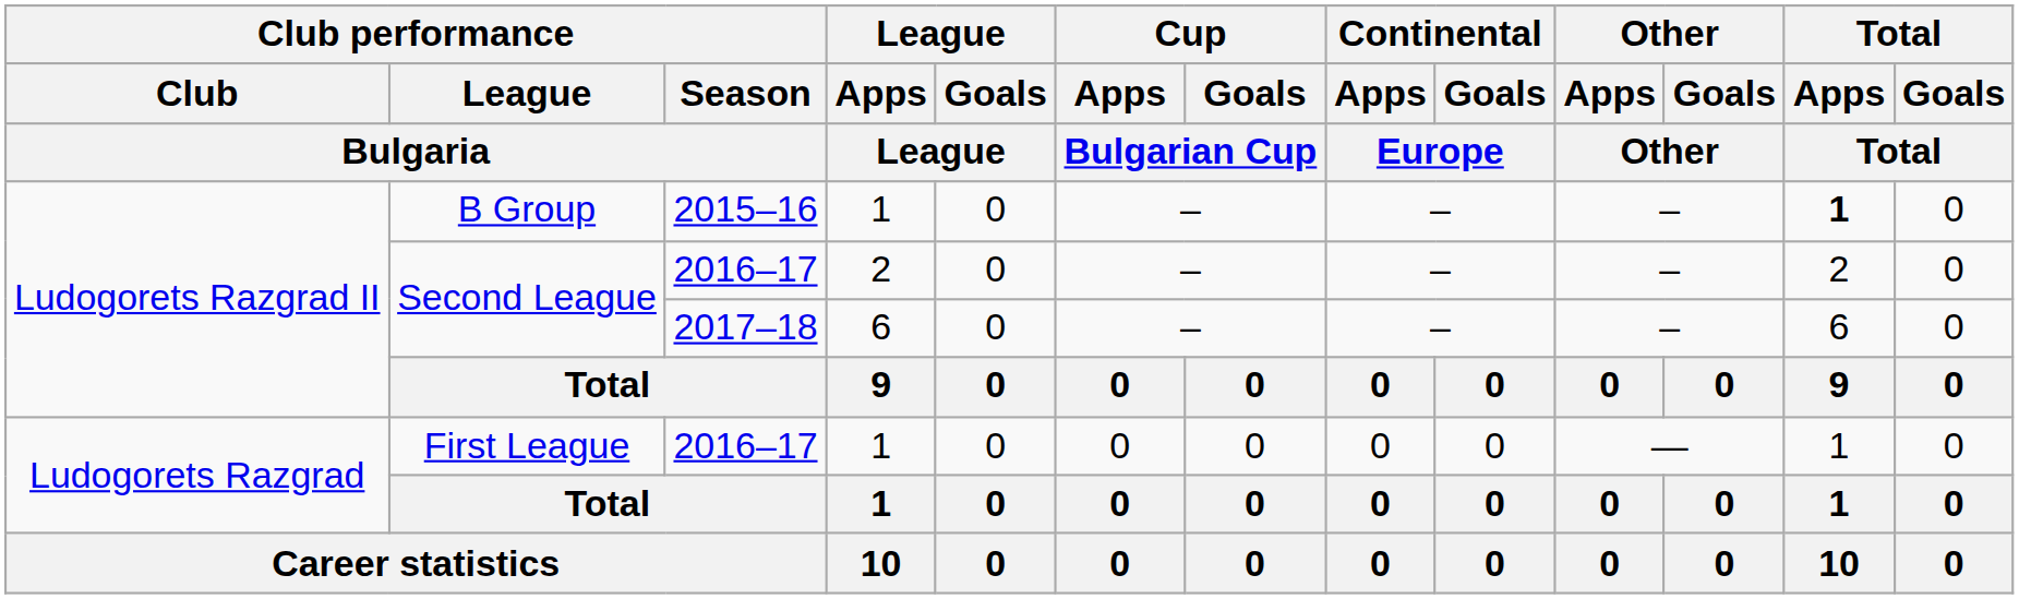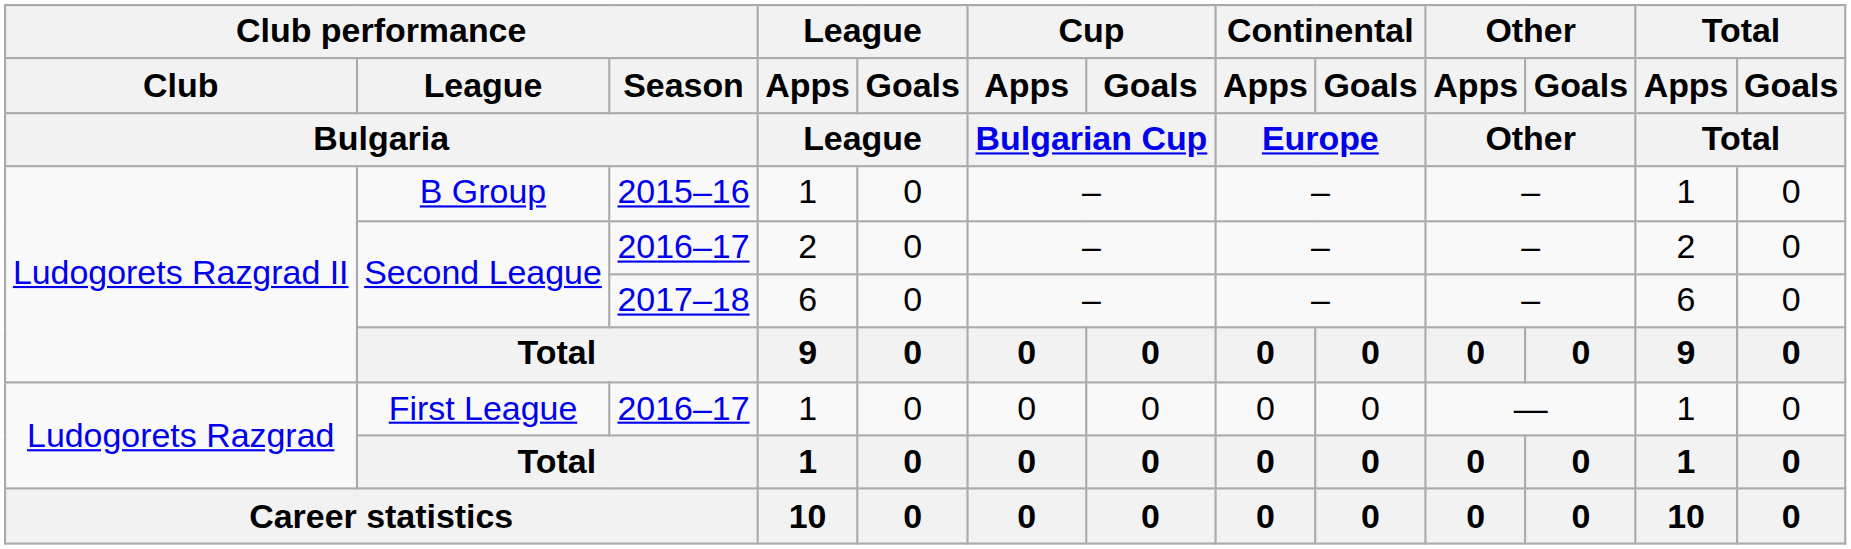 <table class="wikitable" style="text-align: center">
 <tr>
 <th Colspan="3">Club performance</th>
 <th Colspan="2">League</th>
 <th Colspan="2">Cup</th>
 <th Colspan="2">Continental</th>
 <th Colspan="2">Other</th>
 <th Colspan="3">Total</th>
 </tr>
 <tr>
 <th>Club</th>
 <th>League</th>
 <th>Season</th>
 <th>Apps</th>
 <th>Goals</th>
 <th>Apps</th>
 <th>Goals</th>
 <th>Apps</th>
 <th>Goals</th>
 <th>Apps</th>
 <th>Goals</th>
 <th>Apps</th>
 <th>Goals</th>
 </tr>
 <tr>
 <th Colspan="3">Bulgaria</th>
 <th Colspan="2">League</th>
 <th Colspan="2"><a href='#'>Bulgarian Cup</a></th>
 <th Colspan="2"><a href='#'>Europe</a></th>
 <th Colspan="2">Other</th>
 <th Colspan="2">Total</th>
 </tr>
 <tr>
 <td rowspan="4" valign="center"><a href='#'>Ludogorets Razgrad II</a></td>
 <td rowspan="1"><a href='#'>B Group</a></td>
 <td><a href='#'>2015–16</a></td>
 <td>1</td>
 <td>0</td>
 <td colspan="2">–</td>
 <td colspan="2">–</td>
 <td colspan="2">–</td>
-<td><strong>1</strong></td>
+<td>1</td>
 <td>0</td>
 </tr>
 <tr>
 <td rowspan="2"><a href='#'>Second League</a></td>
 <td><a href='#'>2016–17</a></td>
 <td>2</td>
 <td>0</td>
 <td colspan="2">–</td>
 <td colspan="2">–</td>
 <td colspan="2">–</td>
 <td>2</td>
 <td>0</td>
 </tr>
 <tr>
 <td><a href='#'>2017–18</a></td>
 <td>6</td>
 <td>0</td>
 <td colspan="2">–</td>
 <td colspan="2">–</td>
 <td colspan="2">–</td>
 <td>6</td>
 <td>0</td>
 </tr>
 <tr>
 <th colspan=2>Total</th>
 <th>9</th>
 <th>0</th>
 <th>0</th>
 <th>0</th>
 <th>0</th>
 <th>0</th>
 <th>0</th>
 <th>0</th>
 <th>9</th>
 <th>0</th>
 </tr>
 <tr>
 <td rowspan="2" valign="center"><a href='#'>Ludogorets Razgrad</a></td>
 <td rowspan="1"><a href='#'>First League</a></td>
 <td><a href='#'>2016–17</a></td>
 <td>1</td>
 <td>0</td>
 <td>0</td>
 <td>0</td>
 <td>0</td>
 <td>0</td>
 <td colspan="2">—</td>
 <td>1</td>
 <td>0</td>
 </tr>
 <tr>
 <th colspan=2>Total</th>
 <th>1</th>
 <th>0</th>
 <th>0</th>
 <th>0</th>
 <th>0</th>
 <th>0</th>
 <th>0</th>
 <th>0</th>
 <th>1</th>
 <th>0</th>
 </tr>
 <tr>
 <th colspan="3">Career statistics</th>
 <th>10</th>
 <th>0</th>
 <th>0</th>
 <th>0</th>
 <th>0</th>
 <th>0</th>
 <th>0</th>
 <th>0</th>
 <th>10</th>
 <th>0</th>
 </tr>
 </table>
